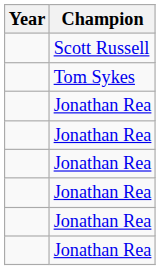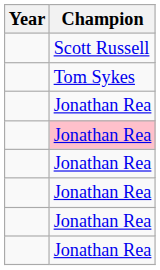 <table class="wikitable">
 <tr>
 <th>Year</th>
 <th>Champion</th>
 </tr>
 <tr>
 <td></td>
 <td> <a href='#'>Scott Russell</a></td>
 </tr>
 <tr>
 <td></td>
 <td> <a href='#'>Tom Sykes</a></td>
 </tr>
 <tr>
 <td></td>
 <td> <a href='#'>Jonathan Rea</a></td>
 </tr>
 <tr>
 <td></td>
-<td> <a href='#'>Jonathan Rea</a></td>
+<td style="background: pink;"> <a href='#'>Jonathan Rea</a></td>
 </tr>
 <tr>
 <td></td>
 <td> <a href='#'>Jonathan Rea</a></td>
 </tr>
 <tr>
 <td></td>
 <td> <a href='#'>Jonathan Rea</a></td>
 </tr>
 <tr>
 <td></td>
 <td> <a href='#'>Jonathan Rea</a></td>
 </tr>
 <tr>
 <td></td>
 <td> <a href='#'>Jonathan Rea</a></td>
 </tr>
 </table>
